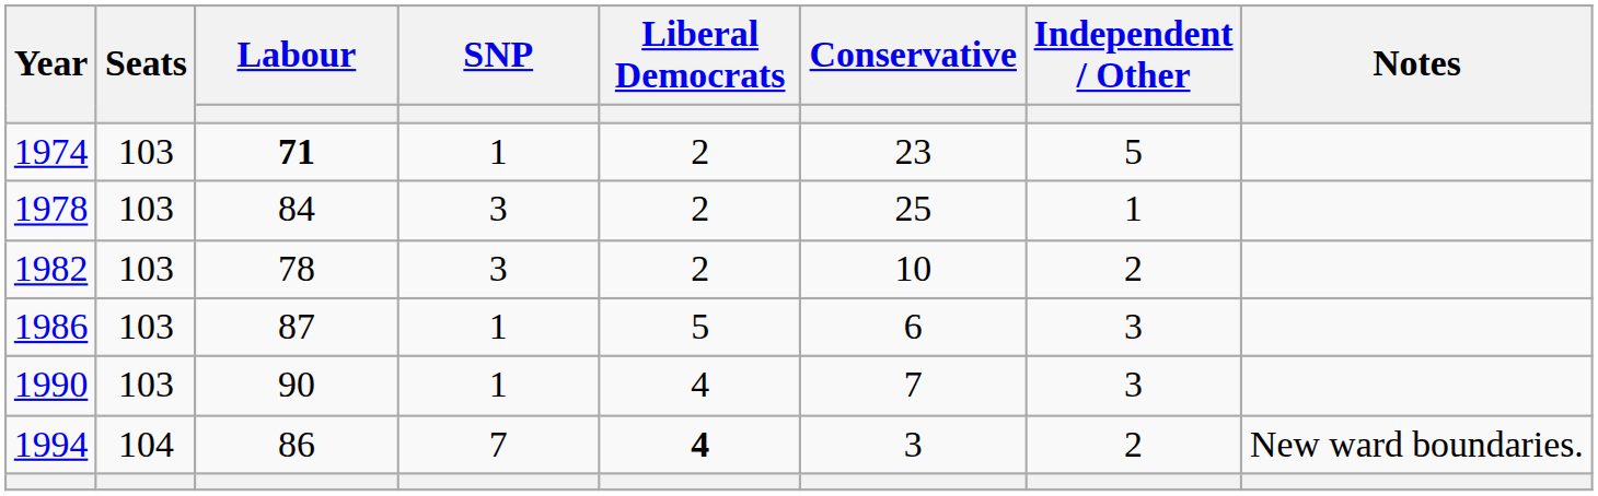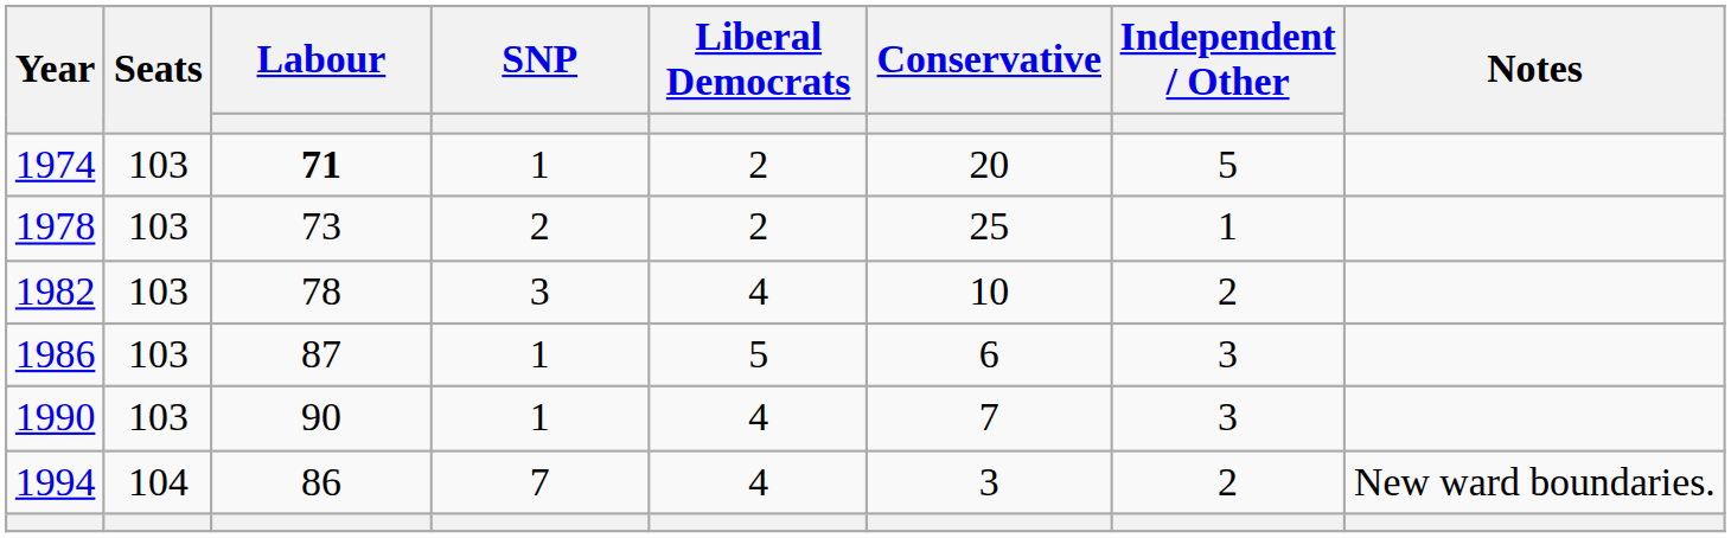 <table class="wikitable" style=text-align:center>
 <tr>
 <th rowspan=2><strong>Year</strong></th>
 <th rowspan=2><strong>Seats</strong></th>
 <th width="80"><a href='#'><strong>Labour</strong></a></th>
 <th width="80"><a href='#'><strong>SNP</strong></a></th>
 <th width="80"><a href='#'><strong>Liberal Democrats</strong></a></th>
 <th width="80"><strong><a href='#'>Conservative</a></strong></th>
 <th width="80"><a href='#'><strong>Independent / Other</strong></a></th>
 <th rowspan=2><strong>Notes</strong></th>
 </tr>
 <tr>
 <th style="background-color: "></th>
 <th style="background-color: "></th>
 <th style="background-color: "></th>
 <th style="background-color: "></th>
 <th style="background-color: "></th>
 </tr>
 <tr>
 <td><a href='#'>1974</a></td>
 <td>103</td>
 <td><strong>71</strong></td>
 <td>1</td>
 <td>2</td>
-<td>23</td>
+<td>20</td>
 <td>5</td>
 <td align=left></td>
 </tr>
 <tr>
 <td><a href='#'>1978</a></td>
 <td>103</td>
-<td>84</td>
-<td>3</td>
+<td>73</td>
+<td>2</td>
 <td>2</td>
 <td>25</td>
 <td>1</td>
 <td align=left></td>
 </tr>
 <tr>
 <td><a href='#'>1982</a></td>
 <td>103</td>
 <td>78</td>
 <td>3</td>
-<td>2</td>
+<td>4</td>
 <td>10</td>
 <td>2</td>
 <td align=left></td>
 </tr>
 <tr>
 <td><a href='#'>1986</a></td>
 <td>103</td>
 <td>87</td>
 <td>1</td>
 <td>5</td>
 <td>6</td>
 <td>3</td>
 <td align=left></td>
 </tr>
 <tr>
 <td><a href='#'>1990</a></td>
 <td>103</td>
 <td>90</td>
 <td>1</td>
 <td>4</td>
 <td>7</td>
 <td>3</td>
 <td align=left></td>
 </tr>
 <tr>
 <td><a href='#'>1994</a></td>
 <td>104</td>
 <td>86</td>
 <td>7</td>
-<td><strong>4</strong></td>
+<td>4</td>
 <td>3</td>
 <td>2</td>
 <td align=left>New ward boundaries.</td>
 </tr>
 <tr>
 <th></th>
 <th></th>
 <th style="background-color: "></th>
 <th style="background-color: "></th>
 <th style="background-color: "></th>
 <th style="background-color: "></th>
 <th style="background-color: "></th>
 <th></th>
 </tr>
 </table>
